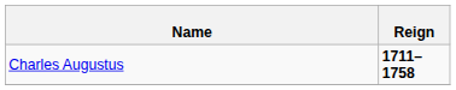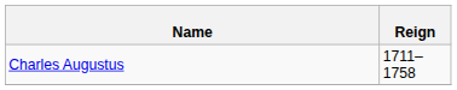 <table class="wikitable">
 <tr>
 <th width=400px><br>Name</th>
 <th width=70px><br>Reign</th>
 </tr>
 <tr>
 <td><a href='#'>Charles Augustus</a></td>
-<td><strong>1711–1758</strong></td>
+<td>1711–1758</td>
 </tr>
 <tr>
 </tr>
 </table>
